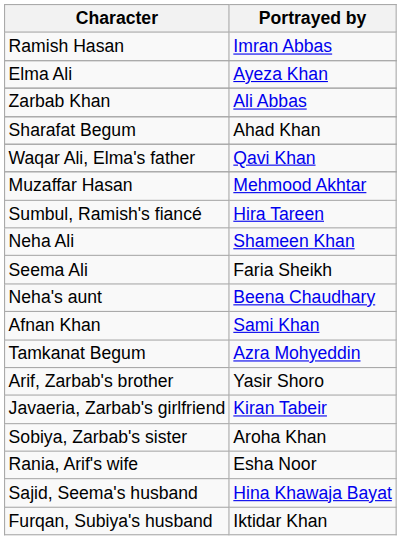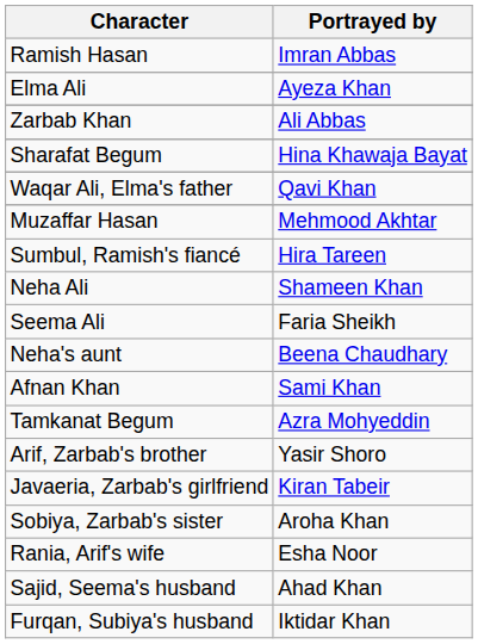 <table class="wikitable">
 <tr>
 <th Rowspan=1>Character</th>
 <th colspan="2">Portrayed by</th>
 </tr>
 <tr>
 <td>Ramish Hasan</td>
 <td><a href='#'>Imran Abbas</a></td>
 </tr>
 <tr>
 </tr>
 <tr>
 <td>Elma Ali</td>
 <td><a href='#'>Ayeza Khan</a></td>
 </tr>
 <tr>
 </tr>
 <tr>
 <td>Zarbab Khan</td>
 <td><a href='#'>Ali Abbas</a></td>
 </tr>
 <tr>
 </tr>
 <tr>
 <td>Sharafat Begum</td>
-<td>Ahad Khan</td>
+<td><a href='#'>Hina Khawaja Bayat</a></td>
 </tr>
 <tr>
 </tr>
 <tr>
 <td>Waqar Ali, Elma's father</td>
 <td><a href='#'>Qavi Khan</a></td>
 </tr>
 <tr>
 </tr>
 <tr>
 <td>Muzaffar Hasan</td>
 <td><a href='#'>Mehmood Akhtar</a></td>
 </tr>
 <tr>
 <td>Sumbul, Ramish's fiancé</td>
 <td><a href='#'>Hira Tareen</a></td>
 </tr>
 <tr>
 <td>Neha Ali</td>
 <td><a href='#'>Shameen Khan</a></td>
 </tr>
 <tr>
 <td>Seema Ali</td>
 <td>Faria Sheikh</td>
 </tr>
 <tr>
 <td>Neha's aunt</td>
 <td><a href='#'>Beena Chaudhary</a></td>
 </tr>
 <tr>
 <td>Afnan Khan</td>
 <td><a href='#'>Sami Khan</a></td>
 </tr>
 <tr>
 <td>Tamkanat Begum</td>
 <td><a href='#'>Azra Mohyeddin</a></td>
 </tr>
 <tr>
 <td>Arif, Zarbab's brother</td>
 <td>Yasir Shoro</td>
 </tr>
 <tr>
 <td>Javaeria, Zarbab's girlfriend</td>
 <td><a href='#'>Kiran Tabeir</a></td>
 </tr>
 <tr>
 <td>Sobiya, Zarbab's sister</td>
 <td>Aroha Khan</td>
 </tr>
 <tr>
 <td>Rania, Arif's wife</td>
 <td>Esha Noor</td>
 </tr>
 <tr>
 <td>Sajid, Seema's husband</td>
-<td><a href='#'>Hina Khawaja Bayat</a></td>
+<td>Ahad Khan</td>
 </tr>
 <tr>
 <td>Furqan, Subiya's husband</td>
 <td>Iktidar Khan</td>
 </tr>
 </table>
